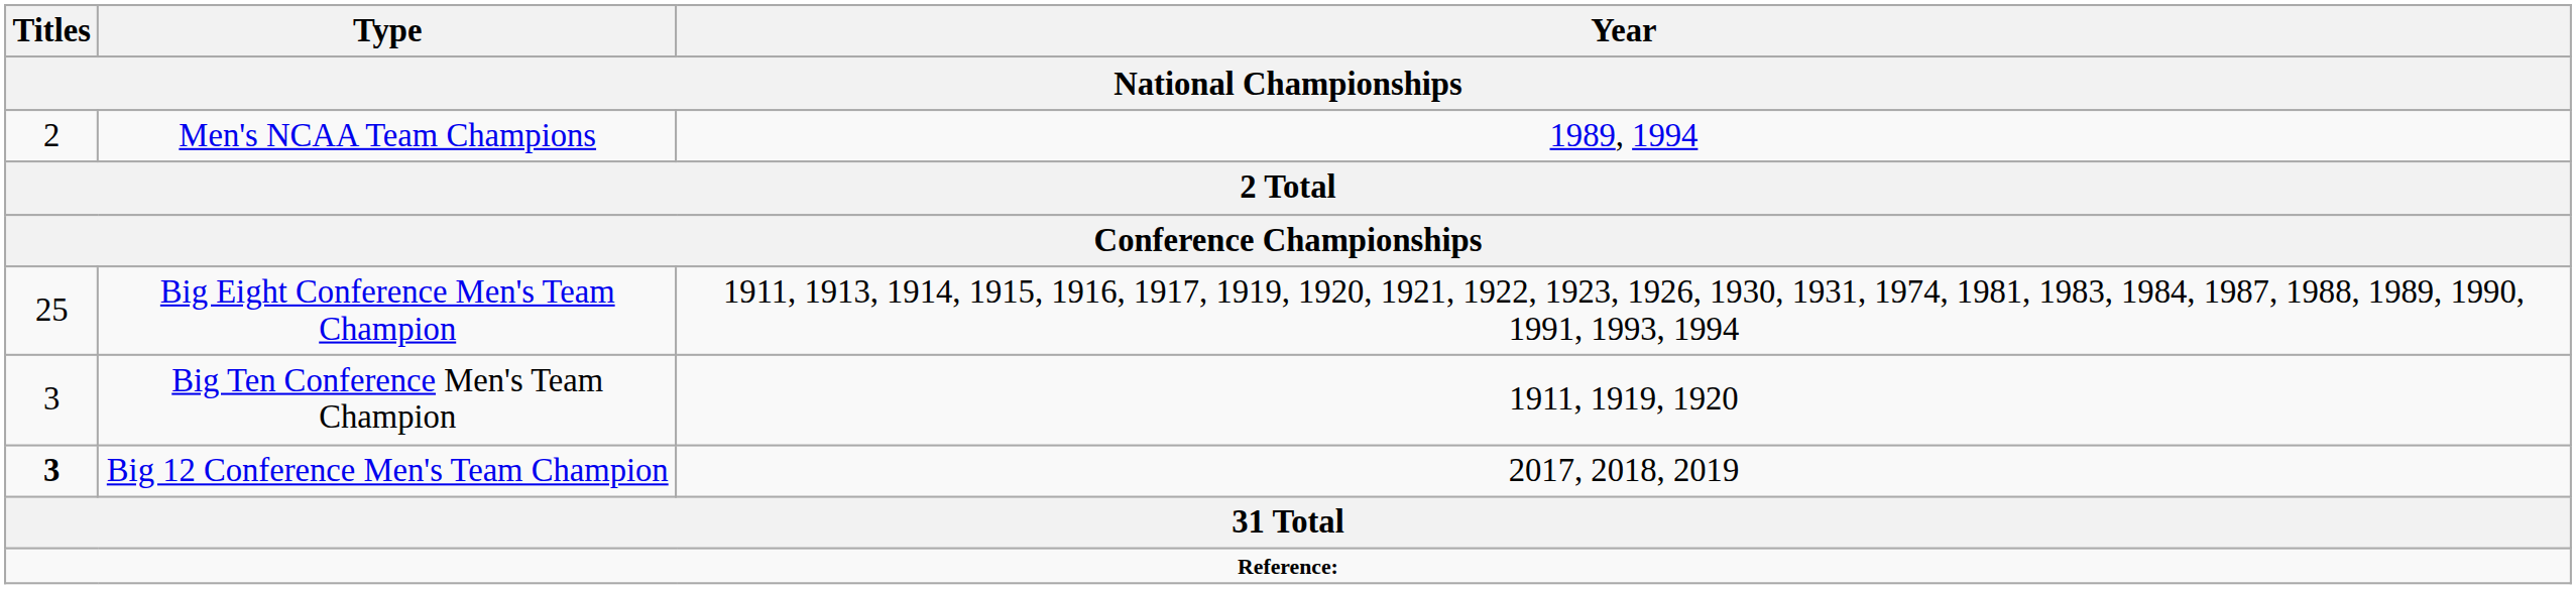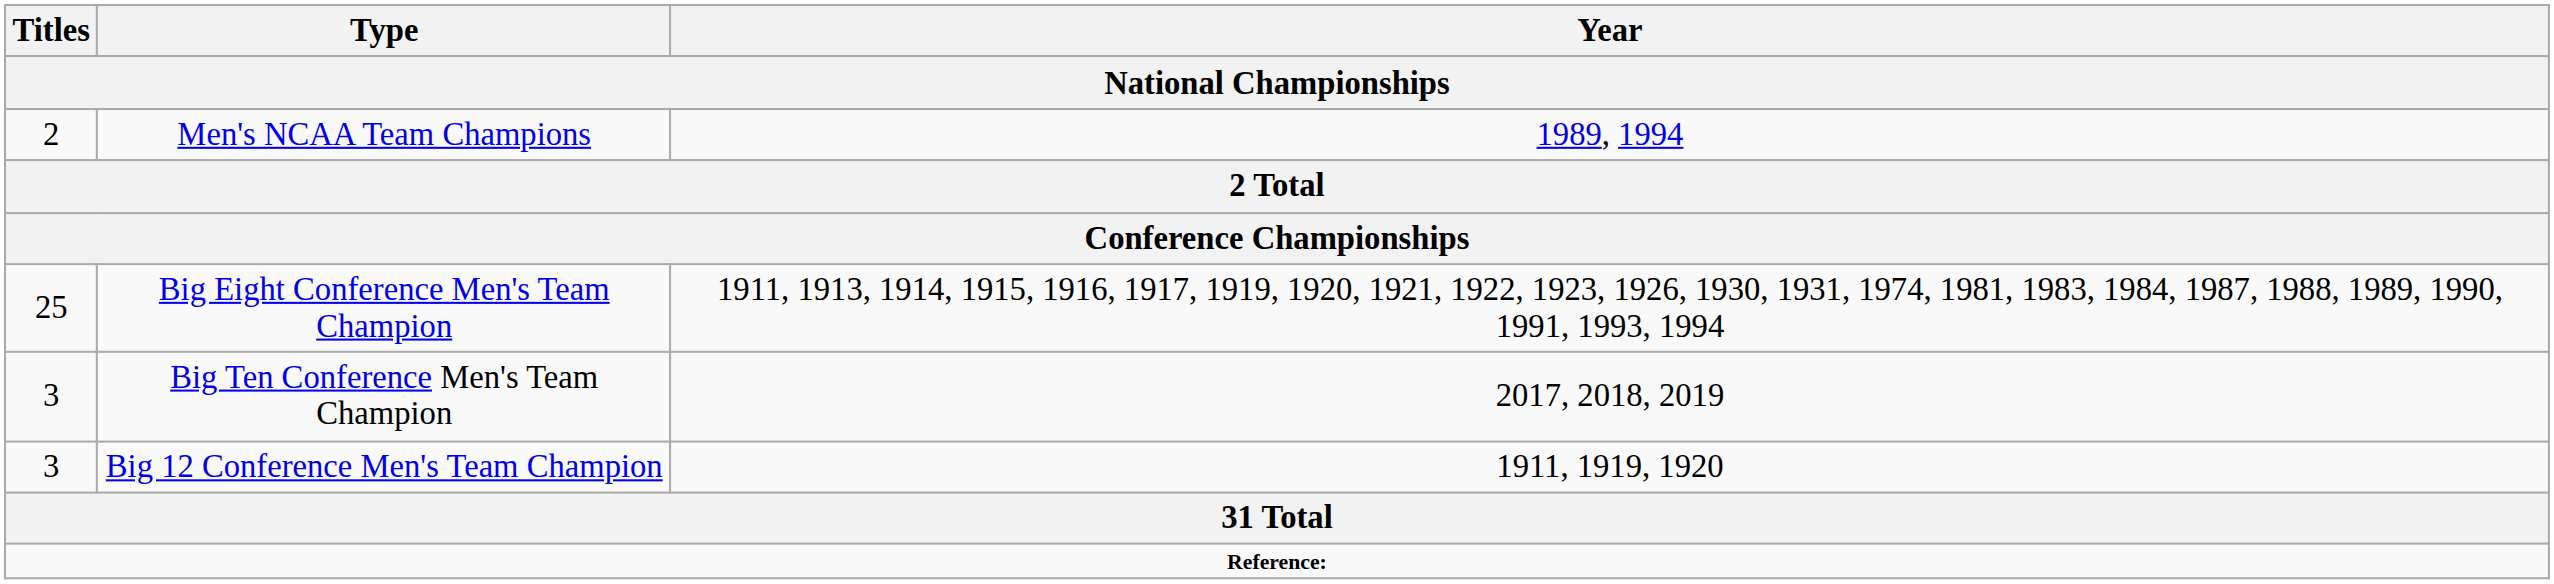 <table class="wikitable" style="text-align:center">
 <tr>
 <th>Titles</th>
 <th>Type</th>
 <th>Year</th>
 </tr>
 <tr>
 <th colspan=3>National Championships</th>
 </tr>
 <tr>
 <td>2</td>
 <td><a href='#'>Men's NCAA Team Champions</a></td>
 <td><a href='#'>1989</a>, <a href='#'>1994</a></td>
 </tr>
 <tr>
 <th colspan=3>2 Total</th>
 </tr>
 <tr>
 <th colspan=8>Conference Championships</th>
 </tr>
 <tr>
 <td>25</td>
 <td><a href='#'>Big Eight Conference Men's Team Champion</a></td>
 <td>1911, 1913, 1914, 1915, 1916, 1917, 1919, 1920, 1921, 1922, 1923, 1926, 1930, 1931, 1974, 1981, 1983, 1984, 1987, 1988, 1989, 1990, 1991, 1993, 1994</td>
 </tr>
 <tr>
 <td>3</td>
 <td><a href='#'>Big Ten Conference</a> Men's Team Champion</td>
-<td>1911, 1919, 1920</td>
+<td>2017, 2018, 2019</td>
 </tr>
 <tr>
-<td><strong>3</strong></td>
+<td>3</td>
 <td><a href='#'>Big 12 Conference Men's Team Champion</a></td>
-<td>2017, 2018, 2019</td>
+<td>1911, 1919, 1920</td>
 </tr>
 <tr>
 <th colspan=3>31 Total</th>
 </tr>
 <tr>
 <td colspan="3"  style="font-size:8pt; text-align:center;"><strong>Reference:</strong></td>
 </tr>
 </table>
